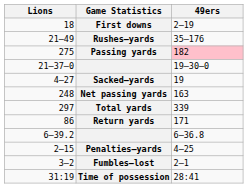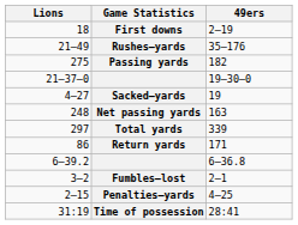 <table class="wikitable" style="margin: 1em auto 1em auto">
 <tr>
 <th style="width:30%;">Lions</th>
 <th style="width:40%;">Game Statistics</th>
 <th style="width:30%;">49ers</th>
 </tr>
 <tr>
 <td style="text-align:right;">18</td>
 <th>First downs</th>
 <td>2–19</td>
 </tr>
 <tr>
 <td style="text-align:right;">21–49</td>
 <th>Rushes–yards</th>
 <td>35–176</td>
 </tr>
 <tr>
 <td style="text-align:right;">275</td>
 <th>Passing yards</th>
-<td style="background: pink;">182</td>
+<td>182</td>
 </tr>
 <tr>
 <td style="text-align:right;">21–37–0</td>
 <th></th>
 <td>19–30–0</td>
 </tr>
 <tr>
 <td style="text-align:right;">4–27</td>
 <th>Sacked–yards</th>
 <td>19</td>
 </tr>
 <tr>
 <td style="text-align:right;">248</td>
 <th>Net passing yards</th>
 <td>163</td>
 </tr>
 <tr>
 <td style="text-align:right;">297</td>
 <th>Total yards</th>
 <td>339</td>
 </tr>
 <tr>
 <td style="text-align:right;">86</td>
 <th>Return yards</th>
 <td>171</td>
 </tr>
 <tr>
 <td style="text-align:right;">6–39.2</td>
 <th></th>
 <td>6–36.8</td>
 </tr>
 <tr>
+<td style="text-align:right;">3–2</td>
+<th>Fumbles–lost</th>
+<td>2–1</td>
+</tr>
+<tr>
 <td style="text-align:right;">2–15</td>
 <th>Penalties–yards</th>
 <td>4–25</td>
-</tr>
-<tr>
-<td style="text-align:right;">3–2</td>
-<th>Fumbles–lost</th>
-<td>2–1</td>
 </tr>
 <tr>
 <td style="text-align:right;">31:19</td>
 <th>Time of possession</th>
 <td>28:41</td>
 </tr>
 </table>
